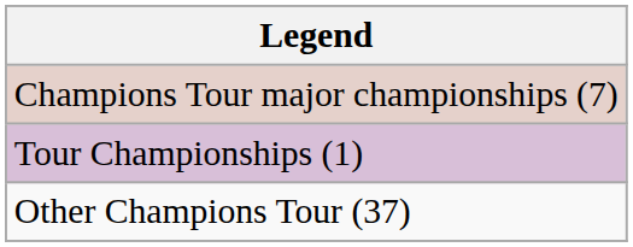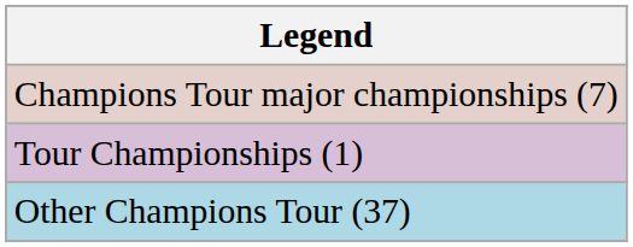 <table class="wikitable" style="font-size:95%;">
 <tr>
 <th>Legend</th>
 </tr>
 <tr style="background:#e5d1cb;">
 <td>Champions Tour major championships (7)</td>
 </tr>
 <tr style="background:thistle;">
 <td>Tour Championships (1)</td>
 </tr>
 <tr>
-<td>Other Champions Tour (37)</td>
+<td style="background: lightblue;">Other Champions Tour (37)</td>
 </tr>
 </table>
